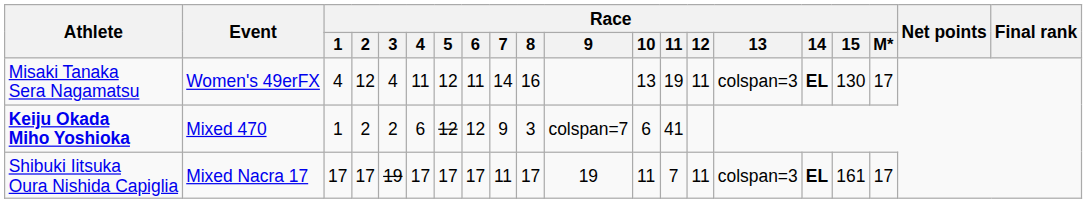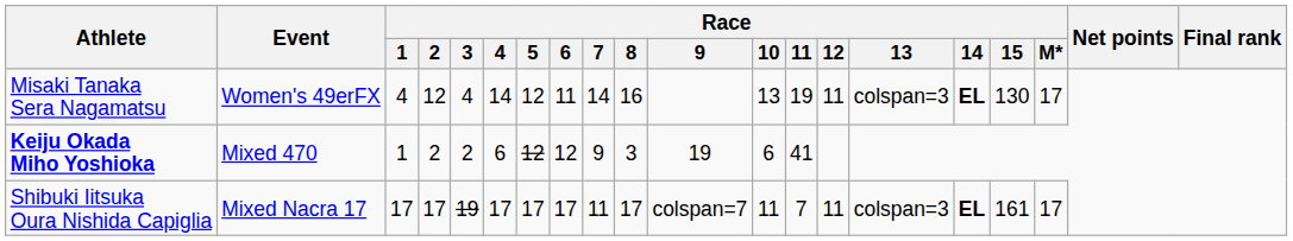 <table class="wikitable" style="font-size:90%">
 <tr>
 <th rowspan="2">Athlete</th>
 <th rowspan="2">Event</th>
 <th colspan=16>Race</th>
 <th rowspan=2>Net points</th>
 <th rowspan=2>Final rank</th>
 </tr>
 <tr style="font-size:95%">
 <th>1</th>
 <th>2</th>
 <th>3</th>
 <th>4</th>
 <th>5</th>
 <th>6</th>
 <th>7</th>
 <th>8</th>
 <th>9</th>
 <th>10</th>
 <th>11</th>
 <th>12</th>
 <th>13</th>
 <th>14</th>
 <th>15</th>
 <th>M*</th>
 </tr>
 <tr align=center>
 <td align=left><a href='#'>Misaki Tanaka</a><br><a href='#'>Sera Nagamatsu</a></td>
 <td align=left><a href='#'>Women's 49erFX</a></td>
 <td>4</td>
 <td>12</td>
 <td>4</td>
-<td>11</td>
+<td>14</td>
 <td>12</td>
 <td>11</td>
 <td>14</td>
 <td>16</td>
 <td></td>
 <td>13</td>
 <td>19</td>
 <td>11</td>
 <td>colspan=3 </td>
 <td><strong>EL</strong></td>
 <td>130</td>
 <td>17</td>
 </tr>
 <tr align=center>
 <td align=left><strong><a href='#'>Keiju Okada</a><br><a href='#'>Miho Yoshioka</a></strong></td>
 <td align=left><a href='#'>Mixed 470</a></td>
 <td>1</td>
 <td>2</td>
 <td>2</td>
 <td>6</td>
 <td><s>12</s></td>
 <td>12</td>
 <td>9</td>
 <td>3</td>
-<td>colspan=7 </td>
+<td>19</td>
 <td>6</td>
 <td>41</td>
 <td></td>
 </tr>
 <tr align=center>
 <td align=left><a href='#'>Shibuki Iitsuka</a><br><a href='#'>Oura Nishida Capiglia</a></td>
 <td align=left><a href='#'>Mixed Nacra 17</a></td>
 <td>17</td>
 <td>17</td>
 <td><s>19</s></td>
 <td>17</td>
 <td>17</td>
 <td>17</td>
 <td>11</td>
 <td>17</td>
-<td>19</td>
+<td>colspan=7 </td>
 <td>11</td>
 <td>7</td>
 <td>11</td>
 <td>colspan=3 </td>
 <td><strong>EL</strong></td>
 <td>161</td>
 <td>17</td>
 </tr>
 </table>
